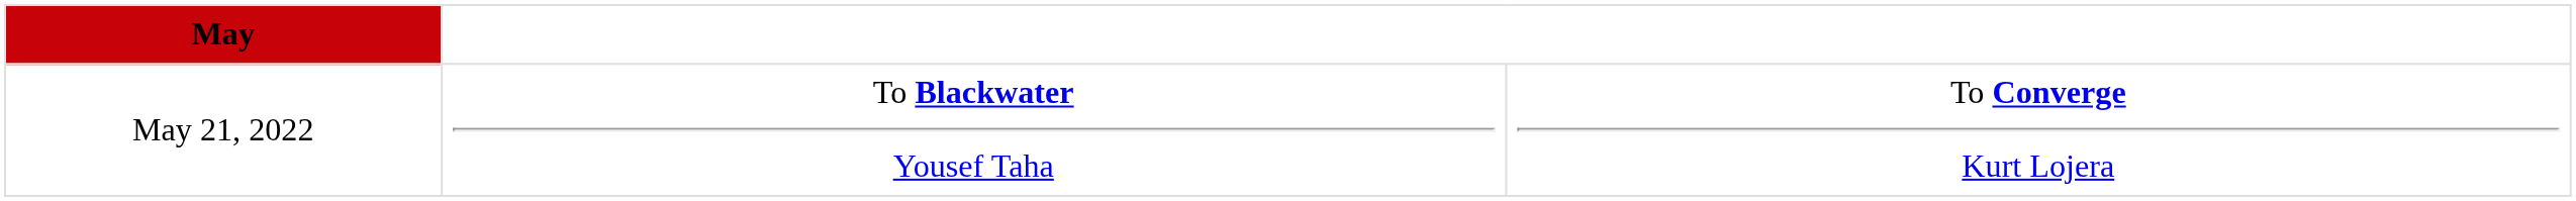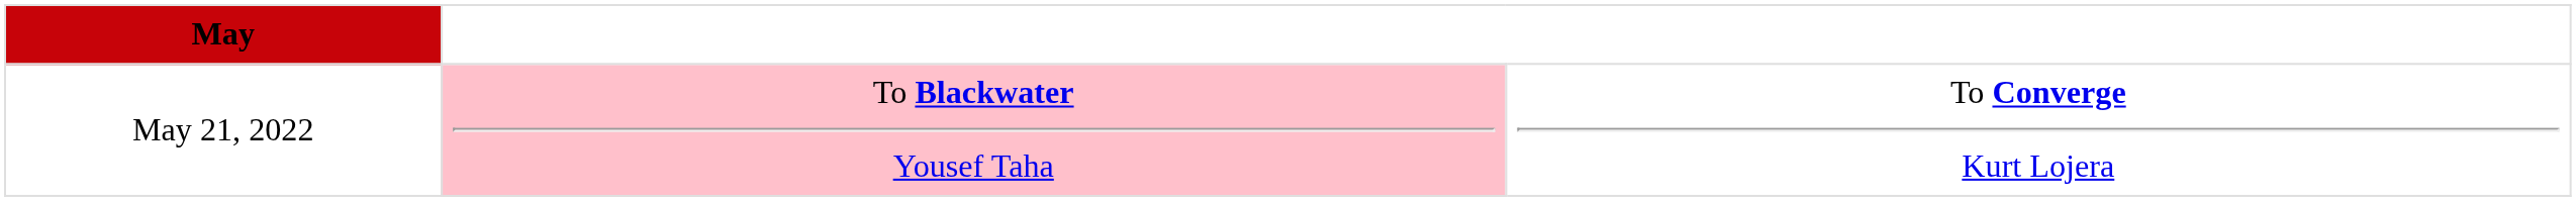 <table border=1 style="border-collapse:collapse; text-align: center; width: 100%" bordercolor="#DFDFDF"  cellpadding="5">
 <tr bgcolor="eeeeee">
 <th style="background:#C70309; color:#000000; ">May</th>
 </tr>
 <tr>
 <td style="width:12%">May 21, 2022</td>
-<td style="width:29.3%" valign="top">To <strong><a href='#'>Blackwater</a></strong><hr><a href='#'>Yousef Taha</a></td>
+<td style="background: pink; width:29.3%" valign="top">To <strong><a href='#'>Blackwater</a></strong><hr><a href='#'>Yousef Taha</a></td>
 <td style="width:29.3%" valign="top">To <strong><a href='#'>Converge</a></strong><hr><a href='#'>Kurt Lojera</a></td>
 </tr>
 </table>
